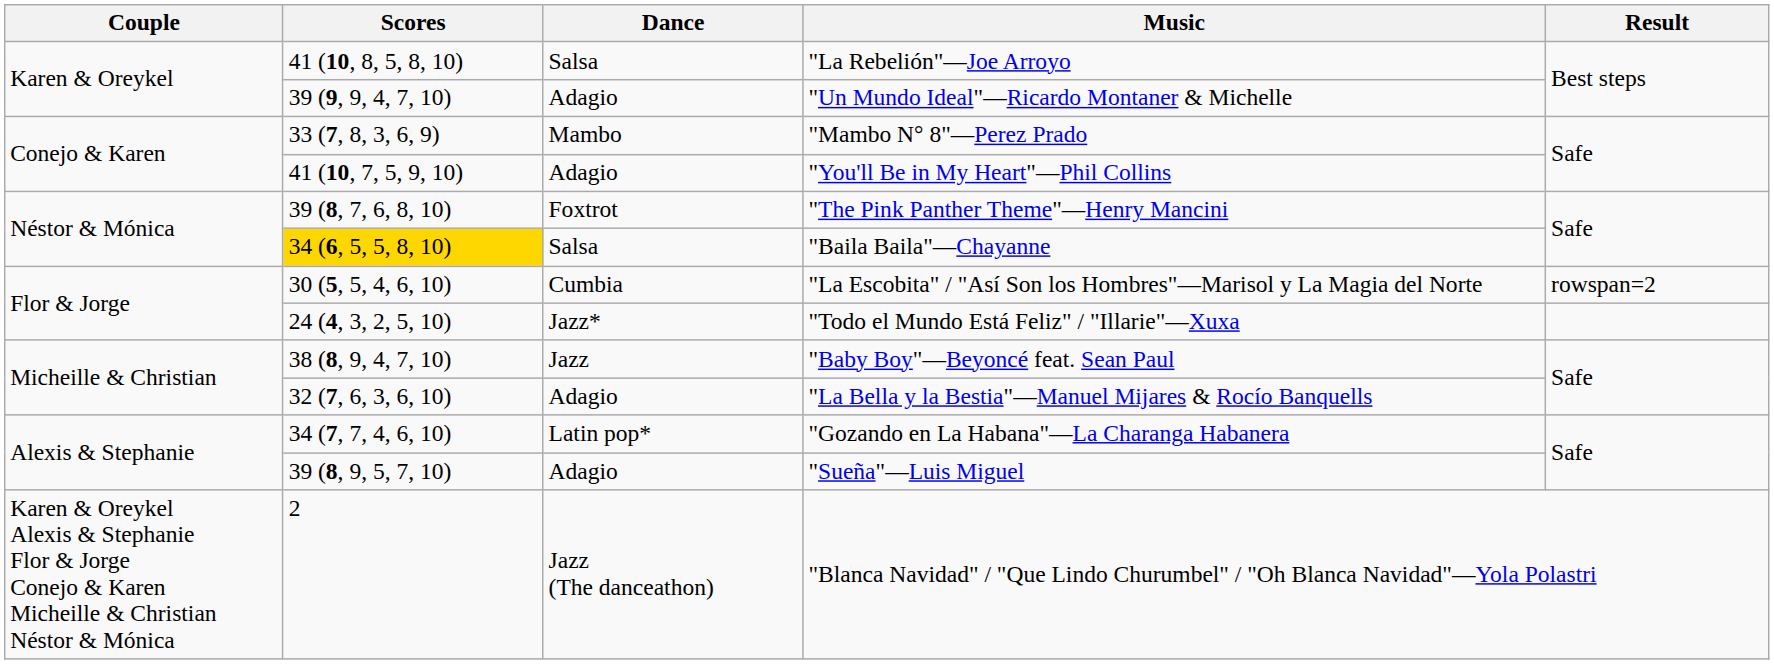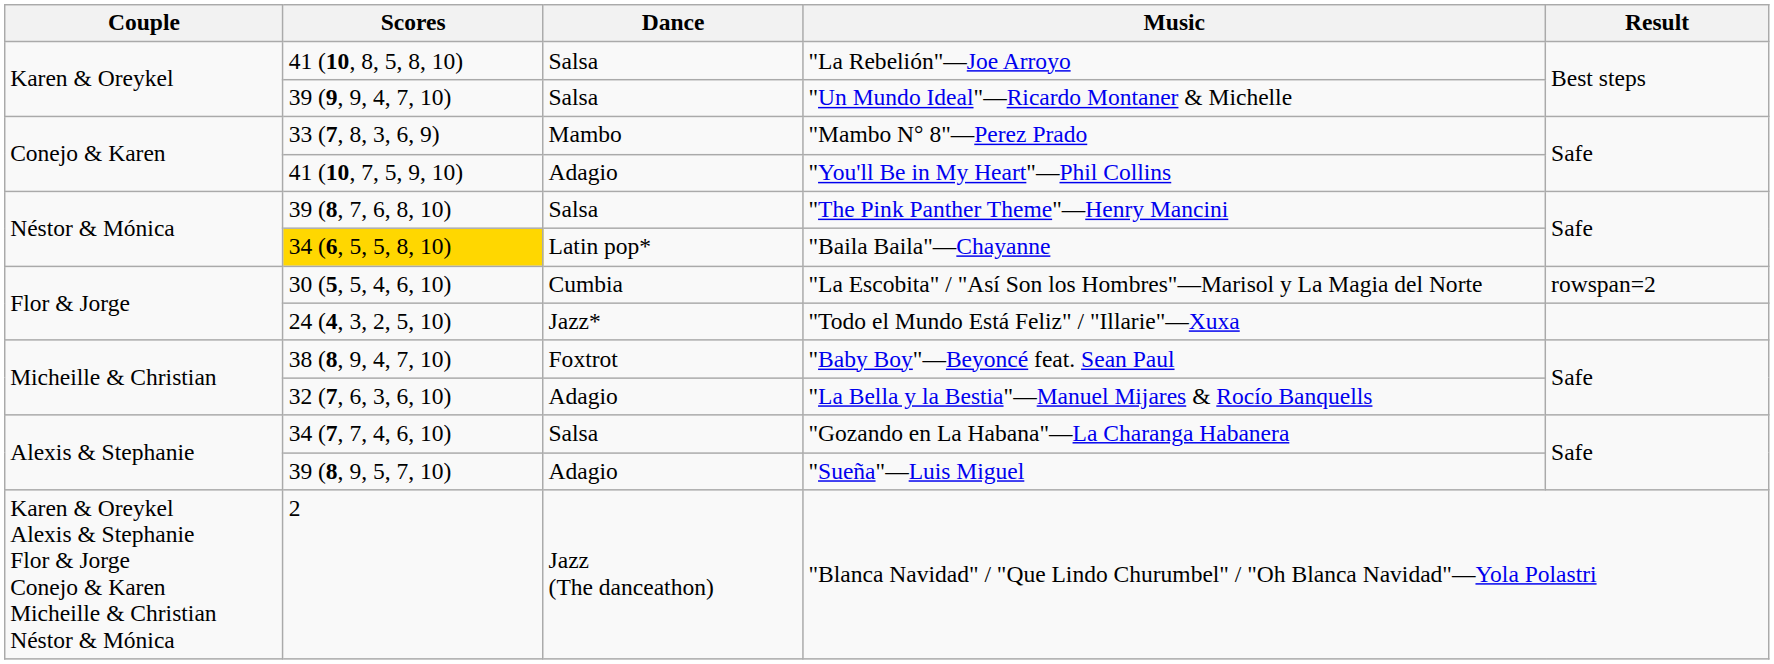 <table class="wikitable sortable" style="width:95%; white-space:nowrap">
 <tr>
 <th style="width:15%;">Couple</th>
 <th style="width:14%;">Scores</th>
 <th style="width:14%;">Dance</th>
 <th style="width:40%;">Music</th>
 <th style="width:12%;">Result</th>
 </tr>
 <tr>
 <td rowspan=2>Karen & Oreykel</td>
 <td>41 (<strong>10</strong>, 8, 5, 8, 10)</td>
 <td>Salsa</td>
 <td>"La Rebelión"—<a href='#'>Joe Arroyo</a></td>
 <td rowspan=2>Best steps</td>
 </tr>
 <tr>
 <td>39 (<strong>9</strong>, 9, 4, 7, 10)</td>
-<td>Adagio</td>
+<td>Salsa</td>
 <td>"<a href='#'>Un Mundo Ideal</a>"—<a href='#'>Ricardo Montaner</a> & Michelle</td>
 </tr>
 <tr>
 <td rowspan=2>Conejo & Karen</td>
 <td>33 (<strong>7</strong>, 8, 3, 6, 9)</td>
 <td>Mambo</td>
 <td>"Mambo N° 8"—<a href='#'>Perez Prado</a></td>
 <td rowspan=2>Safe</td>
 </tr>
 <tr>
 <td>41 (<strong>10</strong>, 7, 5, 9, 10)</td>
 <td>Adagio</td>
 <td>"<a href='#'>You'll Be in My Heart</a>"—<a href='#'>Phil Collins</a></td>
 </tr>
 <tr>
 <td rowspan=2>Néstor & Mónica</td>
 <td>39 (<strong>8</strong>, 7, 6, 8, 10)</td>
-<td>Foxtrot</td>
+<td>Salsa</td>
 <td>"<a href='#'>The Pink Panther Theme</a>"—<a href='#'>Henry Mancini</a></td>
 <td rowspan=2>Safe</td>
 </tr>
 <tr>
 <td style="background: gold;">34 (<strong>6</strong>, 5, 5, 8, 10)</td>
-<td>Salsa</td>
+<td>Latin pop*</td>
 <td>"Baila Baila"—<a href='#'>Chayanne</a></td>
 </tr>
 <tr>
 <td rowspan=2>Flor & Jorge</td>
 <td>30 (<strong>5</strong>, 5, 4, 6, 10)</td>
 <td>Cumbia</td>
 <td>"La Escobita" / "Así Son los Hombres"—Marisol y La Magia del Norte</td>
 <td>rowspan=2 </td>
 </tr>
 <tr>
 <td>24 (<strong>4</strong>, 3, 2, 5, 10)</td>
 <td>Jazz*</td>
 <td>"Todo el Mundo Está Feliz" / "Illarie"—<a href='#'>Xuxa</a></td>
 </tr>
 <tr>
 <td rowspan=2>Micheille & Christian</td>
 <td>38 (<strong>8</strong>, 9, 4, 7, 10)</td>
-<td>Jazz</td>
+<td>Foxtrot</td>
 <td>"<a href='#'>Baby Boy</a>"—<a href='#'>Beyoncé</a> feat. <a href='#'>Sean Paul</a></td>
 <td rowspan=2>Safe</td>
 </tr>
 <tr>
 <td>32 (<strong>7</strong>, 6, 3, 6, 10)</td>
 <td>Adagio</td>
 <td>"<a href='#'>La Bella y la Bestia</a>"—<a href='#'>Manuel Mijares</a> & <a href='#'>Rocío Banquells</a></td>
 </tr>
 <tr>
 <td rowspan=2>Alexis & Stephanie</td>
 <td>34 (<strong>7</strong>, 7, 4, 6, 10)</td>
-<td>Latin pop*</td>
+<td>Salsa</td>
 <td>"Gozando en La Habana"—<a href='#'>La Charanga Habanera</a></td>
 <td rowspan=2>Safe</td>
 </tr>
 <tr>
 <td>39 (<strong>8</strong>, 9, 5, 7, 10)</td>
 <td>Adagio</td>
 <td>"<a href='#'>Sueña</a>"—<a href='#'>Luis Miguel</a></td>
 </tr>
 <tr>
 <td>Karen & Oreykel<br>Alexis & Stephanie<br>Flor & Jorge<br>Conejo & Karen<br>Micheille & Christian<br>Néstor & Mónica</td>
 <td valign="top">2</td>
 <td>Jazz<br>(The danceathon)</td>
 <td colspan="2">"Blanca Navidad" / "Que Lindo Churumbel" / "Oh Blanca Navidad"—<a href='#'>Yola Polastri</a></td>
 </tr>
 </table>
